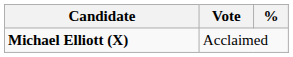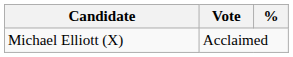 <table class="wikitable">
 <tr>
 <th bgcolor="#DDDDFF" width="200px">Candidate</th>
 <th bgcolor="#DDDDFF" width="50px">Vote</th>
 <th bgcolor="#DDDDFF" width="30px">%</th>
 </tr>
 <tr>
-<td><strong>Michael Elliott (X)</strong></td>
+<td>Michael Elliott (X)</td>
 <td colspan="2">Acclaimed</td>
 </tr>
 </table>
